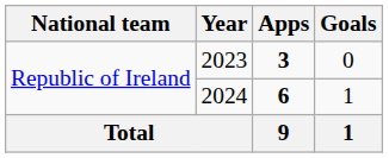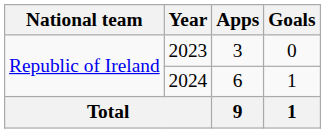 <table class=wikitable style=text-align:center>
 <tr>
 <th>National team</th>
 <th>Year</th>
 <th>Apps</th>
 <th>Goals</th>
 </tr>
 <tr>
 <td rowspan="2"><a href='#'>Republic of Ireland</a></td>
 <td>2023</td>
-<td><strong>3</strong></td>
+<td>3</td>
 <td>0</td>
 </tr>
 <tr>
 <td>2024</td>
-<td><strong>6</strong></td>
+<td>6</td>
 <td>1</td>
 </tr>
 <tr>
 <th colspan="2">Total</th>
 <th>9</th>
 <th>1</th>
 </tr>
 </table>
